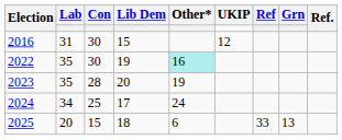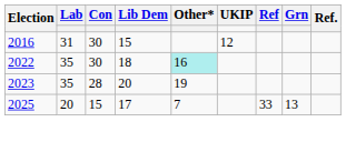 <table class="wikitable">
 <tr>
 <th rowspan="2">Election</th>
 <th><a href='#'>Lab</a></th>
 <th><a href='#'>Con</a></th>
 <th><a href='#'>Lib Dem</a></th>
 <th>Other*</th>
 <th>UKIP</th>
 <th><a href='#'>Ref</a></th>
 <th><a href='#'>Grn</a></th>
 <th rowspan="2">Ref.</th>
 </tr>
 <tr>
 <th data-sort-type="number" style="background:"></th>
 <th data-sort-type="number" style="background:"></th>
 <th data-sort-type="number" style="background:"></th>
 <th></th>
 <td style="color:inherit;background-color: "></td>
 <th data-sort-type="number" style="background:"></th>
 <th data-sort-type="number" style="background:"></th>
 </tr>
 <tr>
 <td><a href='#'>2016</a></td>
 <td>31</td>
 <td>30</td>
 <td>15</td>
 <td></td>
 <td>12</td>
 <td></td>
 <td></td>
 <td></td>
 </tr>
 <tr>
 <td><a href='#'>2022</a></td>
 <td>35</td>
 <td>30</td>
-<td>19</td>
+<td>18</td>
 <td style="background: paleturquoise;">16</td>
 <td></td>
 <td></td>
 <td></td>
 <td></td>
 </tr>
 <tr>
 <td><a href='#'>2023</a></td>
 <td>35</td>
 <td>28</td>
 <td>20</td>
 <td>19</td>
 <td></td>
 <td></td>
 <td></td>
 <td></td>
 </tr>
 <tr>
-<td><a href='#'>2024</a></td>
-<td>34</td>
-<td>25</td>
-<td>17</td>
-<td>24</td>
-<td></td>
-<td></td>
-<td></td>
-<td></td>
-</tr>
-<tr>
 <td><a href='#'>2025</a></td>
 <td>20</td>
 <td>15</td>
-<td>18</td>
-<td>6</td>
+<td>17</td>
+<td>7</td>
 <td></td>
 <td>33</td>
 <td>13</td>
 <td></td>
 </tr>
 </table>
